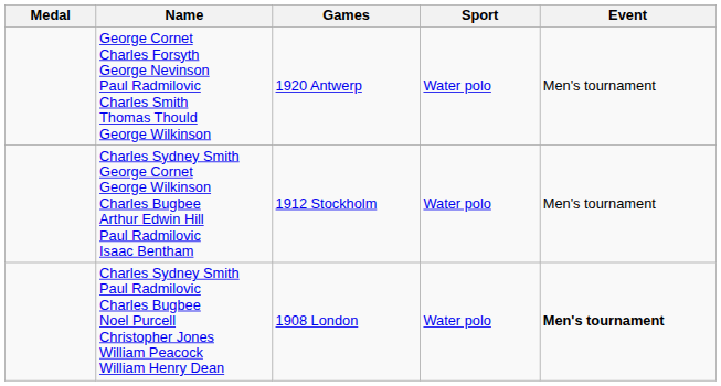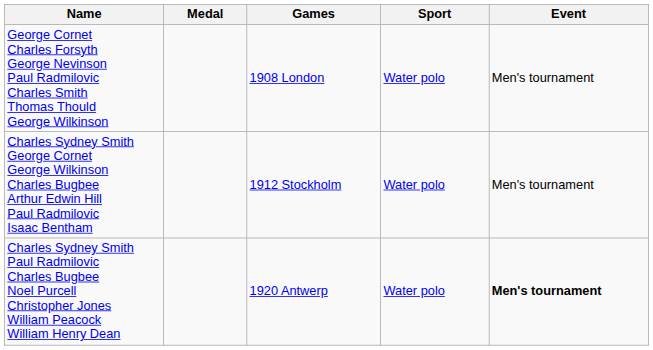 <table class="wikitable sortable collapsible collapsed">
 <tr>
+<th style="width:12em">Name</th>
 <th style="width:6em">Medal</th>
-<th style="width:12em">Name</th>
 <th style="width:10em">Games</th>
 <th style="width:8em">Sport</th>
 <th style="width:12em">Event</th>
 </tr>
 <tr>
+<td><a href='#'>George Cornet</a><br><a href='#'>Charles Forsyth</a><br><a href='#'>George Nevinson</a><br><a href='#'>Paul Radmilovic</a><br><a href='#'>Charles Smith</a><br><a href='#'>Thomas Thould</a><br><a href='#'>George Wilkinson</a></td>
 <td></td>
-<td><a href='#'>George Cornet</a><br><a href='#'>Charles Forsyth</a><br><a href='#'>George Nevinson</a><br><a href='#'>Paul Radmilovic</a><br><a href='#'>Charles Smith</a><br><a href='#'>Thomas Thould</a><br><a href='#'>George Wilkinson</a></td>
-<td> <a href='#'>1920 Antwerp</a></td>
+<td> <a href='#'>1908 London</a></td>
 <td> <a href='#'>Water polo</a></td>
 <td>Men's tournament</td>
 </tr>
 <tr>
+<td><a href='#'>Charles Sydney Smith</a><br><a href='#'>George Cornet</a><br><a href='#'>George Wilkinson</a><br><a href='#'>Charles Bugbee</a><br><a href='#'>Arthur Edwin Hill</a><br><a href='#'>Paul Radmilovic</a><br><a href='#'>Isaac Bentham</a></td>
 <td></td>
-<td><a href='#'>Charles Sydney Smith</a><br><a href='#'>George Cornet</a><br><a href='#'>George Wilkinson</a><br><a href='#'>Charles Bugbee</a><br><a href='#'>Arthur Edwin Hill</a><br><a href='#'>Paul Radmilovic</a><br><a href='#'>Isaac Bentham</a></td>
 <td> <a href='#'>1912 Stockholm</a></td>
 <td> <a href='#'>Water polo</a></td>
 <td>Men's tournament</td>
 </tr>
 <tr>
+<td><a href='#'>Charles Sydney Smith</a><br><a href='#'>Paul Radmilovic</a><br><a href='#'>Charles Bugbee</a><br><a href='#'>Noel Purcell</a><br><a href='#'>Christopher Jones</a><br><a href='#'>William Peacock</a><br><a href='#'>William Henry Dean</a></td>
 <td></td>
-<td><a href='#'>Charles Sydney Smith</a><br><a href='#'>Paul Radmilovic</a><br><a href='#'>Charles Bugbee</a><br><a href='#'>Noel Purcell</a><br><a href='#'>Christopher Jones</a><br><a href='#'>William Peacock</a><br><a href='#'>William Henry Dean</a></td>
-<td> <a href='#'>1908 London</a></td>
+<td> <a href='#'>1920 Antwerp</a></td>
 <td> <a href='#'>Water polo</a></td>
 <td><strong>Men's tournament</strong></td>
 </tr>
 </table>
